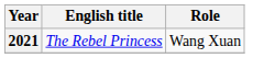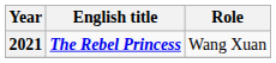 <table class="wikitable plainrowheaders sortable">
 <tr>
 <th>Year</th>
 <th>English title</th>
 <th>Role</th>
 </tr>
 <tr>
 <th scope="row">2021</th>
-<td><em><a href='#'>The Rebel Princess</a></em></td>
+<td><strong><em><a href='#'>The Rebel Princess</a></em></strong></td>
 <td>Wang Xuan</td>
 </tr>
 <tr>
 </tr>
 </table>
